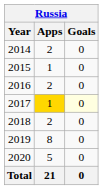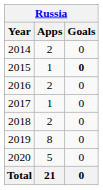 <table class="wikitable" style="text-align:center">
 <tr>
 <th colspan=3><a href='#'>Russia</a></th>
 </tr>
 <tr>
 <th>Year</th>
 <th>Apps</th>
 <th>Goals</th>
 </tr>
 <tr>
 <td>2014</td>
 <td>2</td>
 <td>0</td>
 </tr>
 <tr>
 <td>2015</td>
 <td>1</td>
-<td>0</td>
+<td><strong>0</strong></td>
 </tr>
 <tr>
 <td>2016</td>
 <td>2</td>
 <td>0</td>
 </tr>
 <tr>
 <td>2017</td>
-<td style="background: gold;">1</td>
-<td style="background: lightyellow;">0</td>
+<td>1</td>
+<td>0</td>
 </tr>
 <tr>
 <td>2018</td>
 <td>2</td>
 <td>0</td>
 </tr>
 <tr>
 <td>2019</td>
 <td>8</td>
 <td>0</td>
 </tr>
 <tr>
 <td>2020</td>
 <td>5</td>
 <td>0</td>
 </tr>
 <tr>
 <th>Total</th>
 <th>21</th>
 <th>0</th>
 </tr>
 </table>
